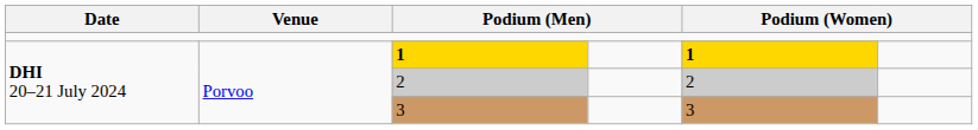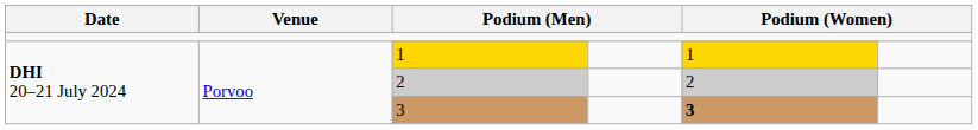 <table class="wikitable" width=70%>
 <tr>
 <th>Date</th>
 <th width=20%>Venue</th>
 <th colspan=2 width=30%>Podium (Men)</th>
 <th colspan=2 width=30%>Podium (Women)</th>
 </tr>
 <tr>
 <td colspan=6></td>
 </tr>
 <tr>
 <td rowspan=3><strong>DHI</strong> <br> 20–21 July 2024</td>
 <td rowspan=3><br><a href='#'>Porvoo</a></td>
-<td bgcolor=FFD700><strong>1</strong></td>
+<td bgcolor=FFD700>1</td>
 <td></td>
-<td bgcolor=FFD700><strong>1</strong></td>
+<td bgcolor=FFD700>1</td>
 <td></td>
 </tr>
 <tr>
 <td bgcolor=CCCCCC>2</td>
 <td></td>
 <td bgcolor=CCCCCC>2</td>
 <td></td>
 </tr>
 <tr>
 <td bgcolor=CC9966>3</td>
 <td></td>
-<td bgcolor=CC9966>3</td>
+<td bgcolor=CC9966><strong>3</strong></td>
 <td></td>
 </tr>
 </table>
